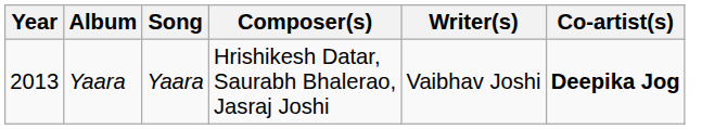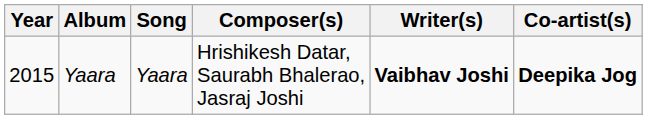 <table class="wikitable">
 <tr>
 <th>Year</th>
 <th>Album</th>
 <th>Song</th>
 <th>Composer(s)</th>
 <th>Writer(s)</th>
 <th>Co-artist(s)</th>
 </tr>
 <tr>
-<td>2013</td>
+<td>2015</td>
 <td><em>Yaara</em></td>
 <td><em>Yaara</em></td>
 <td>Hrishikesh Datar, <br>Saurabh Bhalerao, <br> Jasraj Joshi</td>
-<td>Vaibhav Joshi</td>
+<td><strong>Vaibhav Joshi</strong></td>
 <td><strong>Deepika Jog</strong></td>
 </tr>
 </table>
